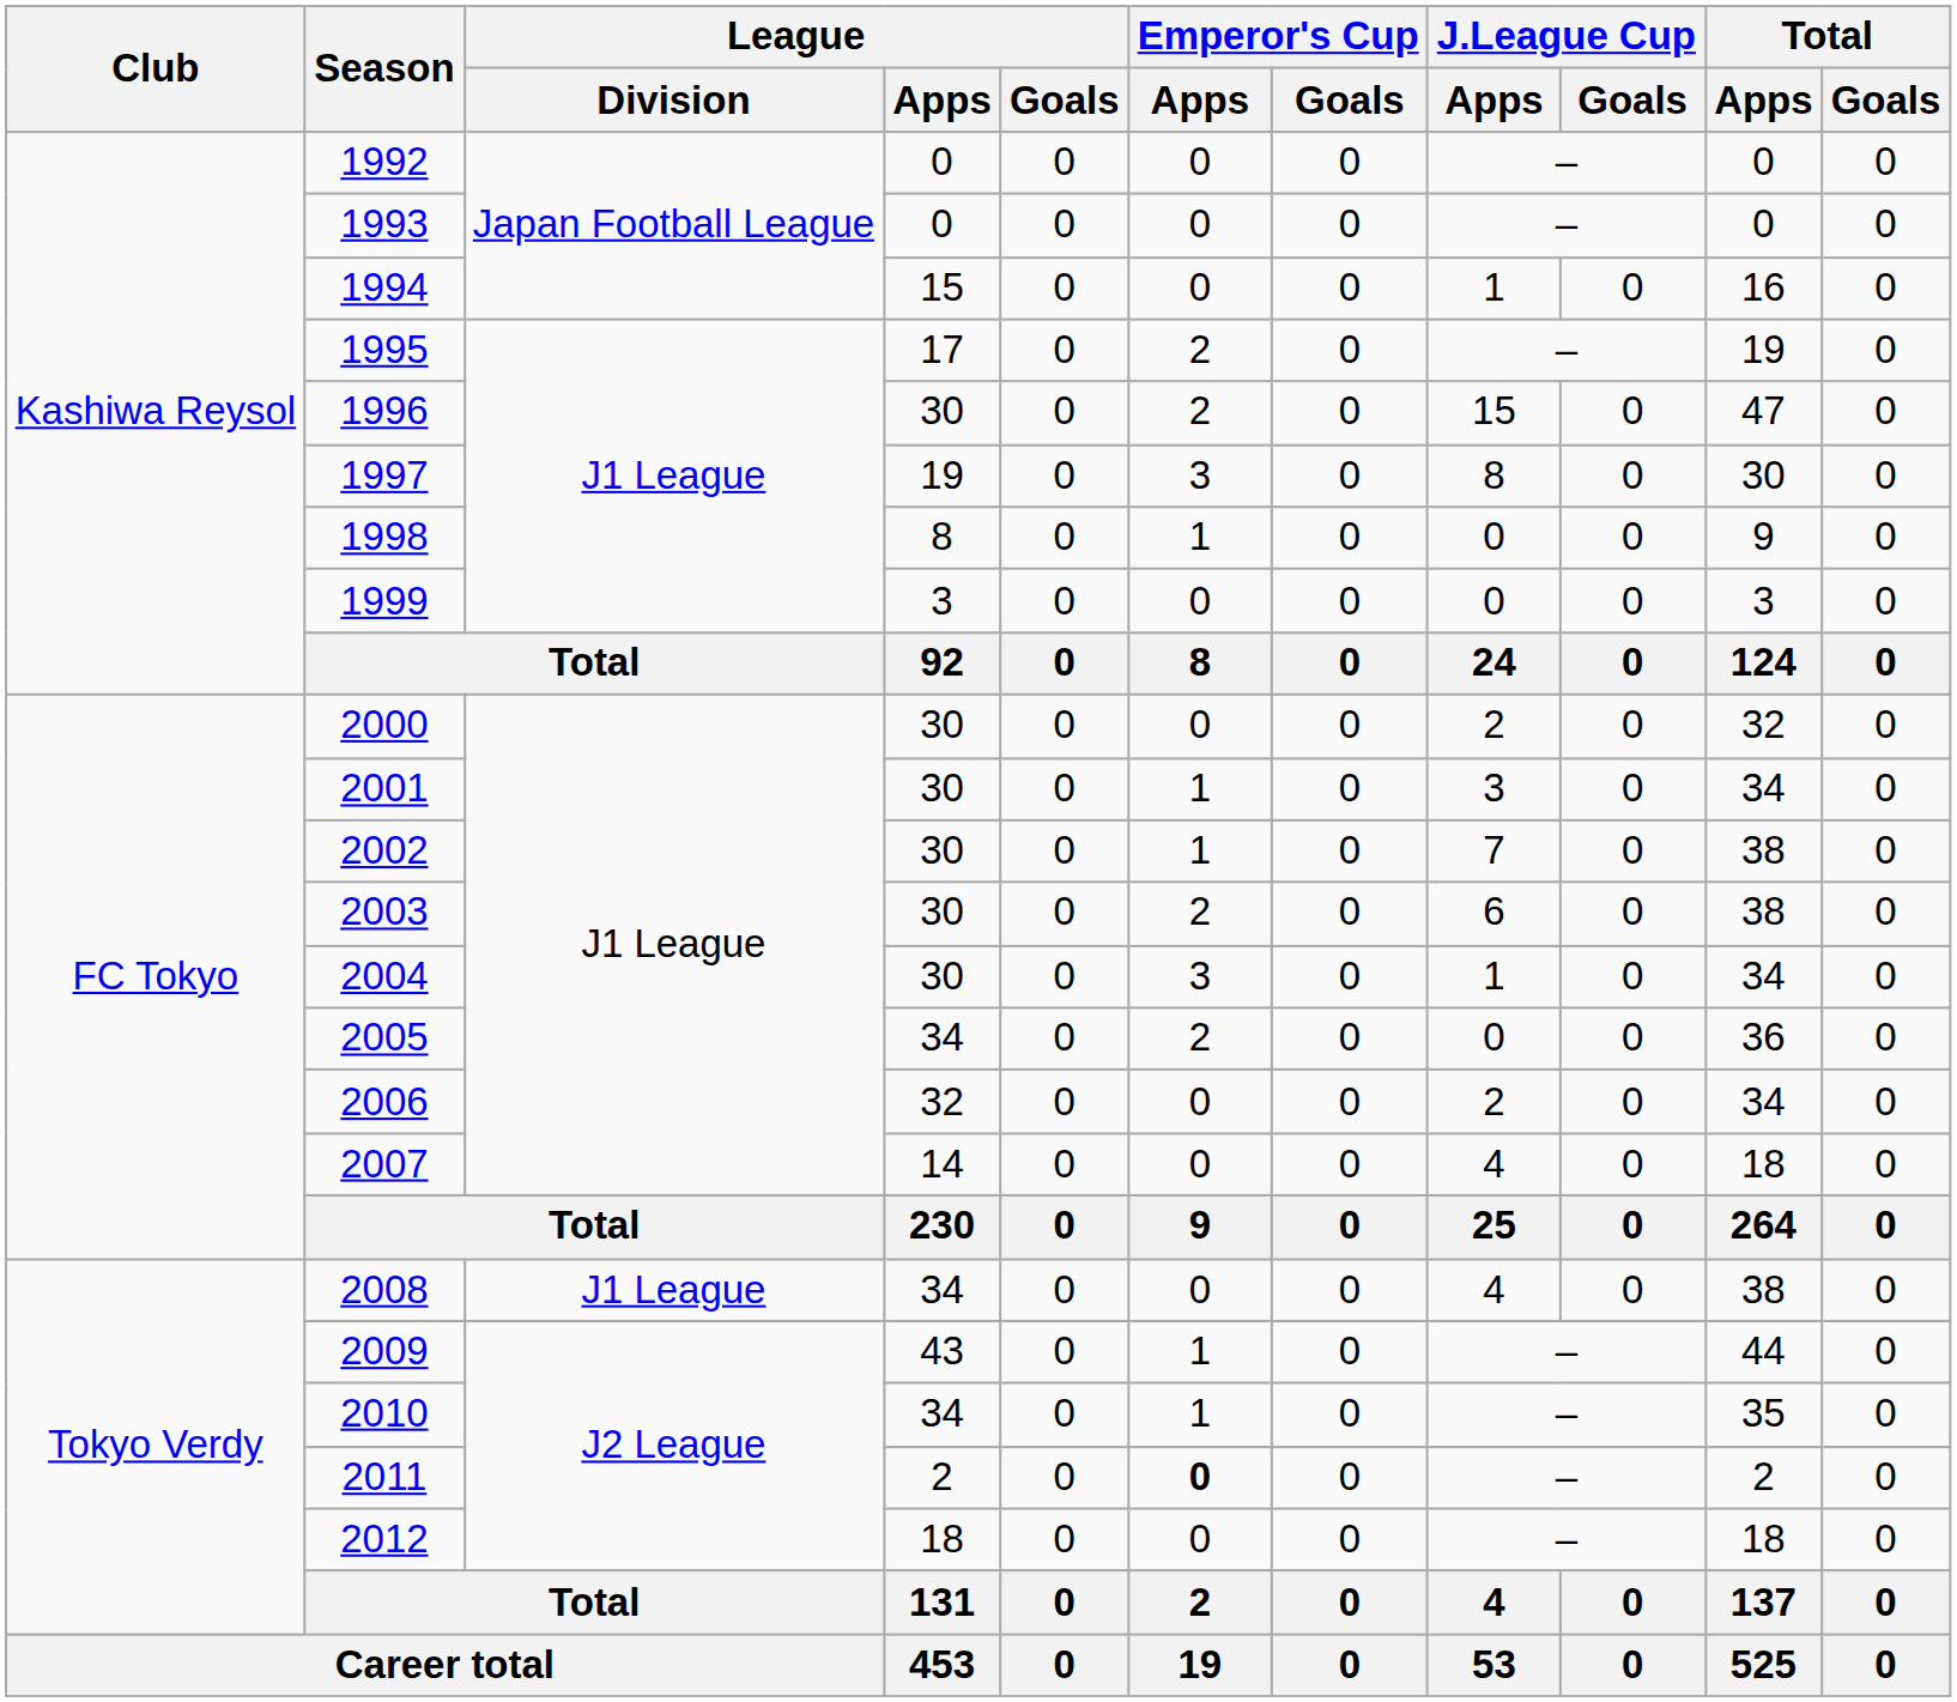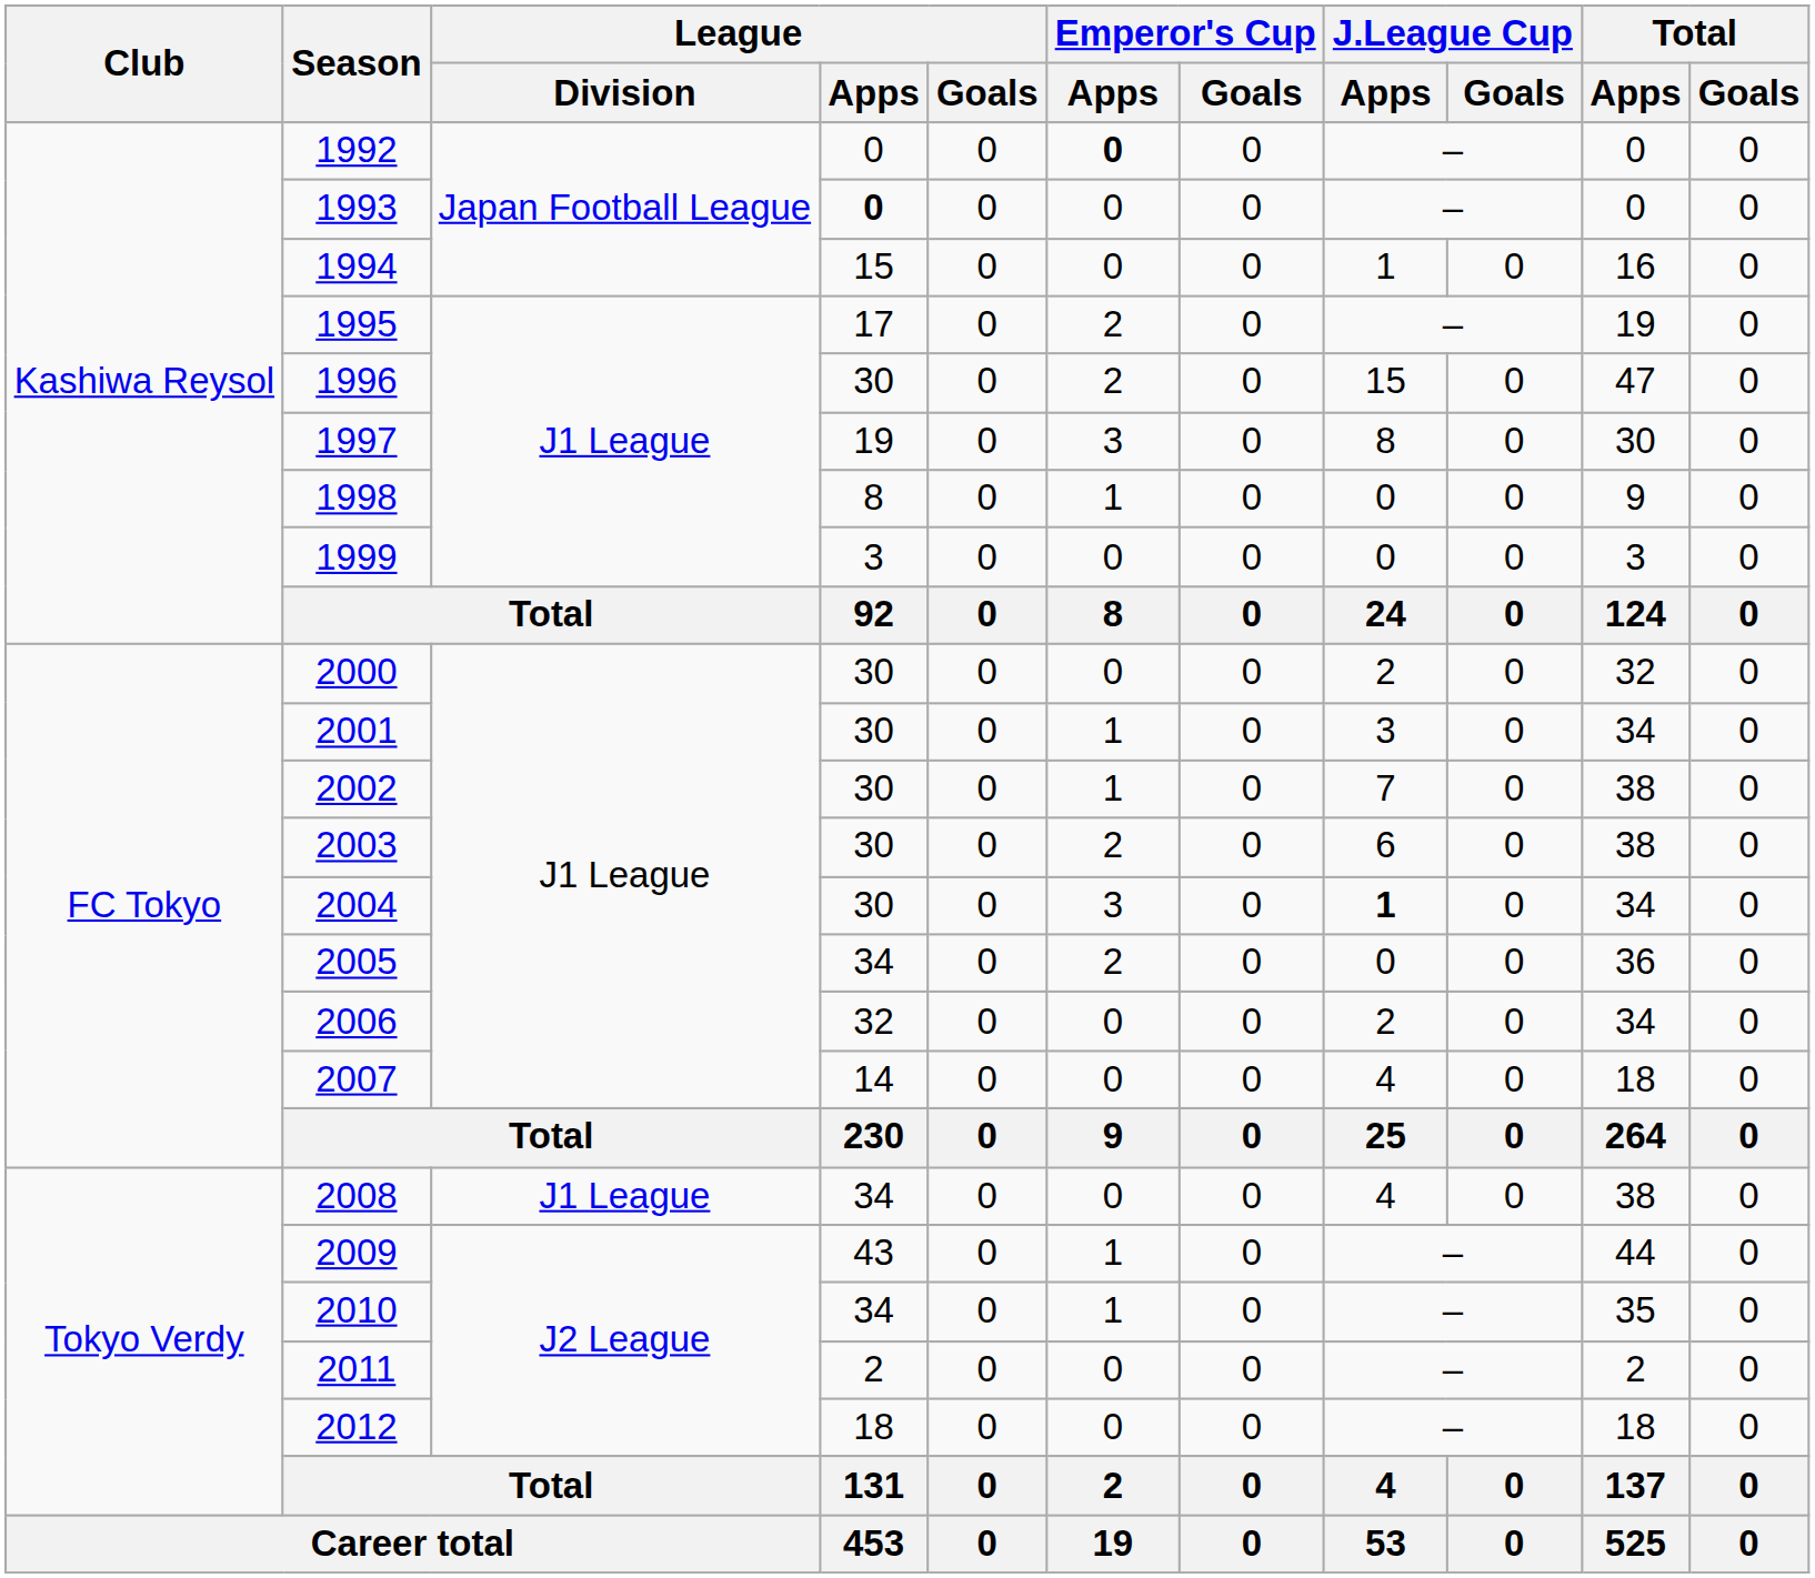 <table class="wikitable" style="text-align:center">
 <tr>
 <th rowspan="2">Club</th>
 <th rowspan="2">Season</th>
 <th colspan="3">League</th>
 <th colspan="2"><a href='#'>Emperor's Cup</a></th>
 <th colspan="2"><a href='#'>J.League Cup</a></th>
 <th colspan="2">Total</th>
 </tr>
 <tr>
 <th>Division</th>
 <th>Apps</th>
 <th>Goals</th>
 <th>Apps</th>
 <th>Goals</th>
 <th>Apps</th>
 <th>Goals</th>
 <th>Apps</th>
 <th>Goals</th>
 </tr>
 <tr>
 <td rowspan="9"><a href='#'>Kashiwa Reysol</a></td>
 <td><a href='#'>1992</a></td>
 <td rowspan="3"><a href='#'>Japan Football League</a></td>
 <td>0</td>
 <td>0</td>
-<td>0</td>
+<td><strong>0</strong></td>
 <td>0</td>
 <td colspan="2">–</td>
 <td>0</td>
 <td>0</td>
 </tr>
 <tr>
 <td><a href='#'>1993</a></td>
-<td>0</td>
+<td><strong>0</strong></td>
 <td>0</td>
 <td>0</td>
 <td>0</td>
 <td colspan="2">–</td>
 <td>0</td>
 <td>0</td>
 </tr>
 <tr>
 <td><a href='#'>1994</a></td>
 <td>15</td>
 <td>0</td>
 <td>0</td>
 <td>0</td>
 <td>1</td>
 <td>0</td>
 <td>16</td>
 <td>0</td>
 </tr>
 <tr>
 <td><a href='#'>1995</a></td>
 <td rowspan="5"><a href='#'>J1 League</a></td>
 <td>17</td>
 <td>0</td>
 <td>2</td>
 <td>0</td>
 <td colspan="2">–</td>
 <td>19</td>
 <td>0</td>
 </tr>
 <tr>
 <td><a href='#'>1996</a></td>
 <td>30</td>
 <td>0</td>
 <td>2</td>
 <td>0</td>
 <td>15</td>
 <td>0</td>
 <td>47</td>
 <td>0</td>
 </tr>
 <tr>
 <td><a href='#'>1997</a></td>
 <td>19</td>
 <td>0</td>
 <td>3</td>
 <td>0</td>
 <td>8</td>
 <td>0</td>
 <td>30</td>
 <td>0</td>
 </tr>
 <tr>
 <td><a href='#'>1998</a></td>
 <td>8</td>
 <td>0</td>
 <td>1</td>
 <td>0</td>
 <td>0</td>
 <td>0</td>
 <td>9</td>
 <td>0</td>
 </tr>
 <tr>
 <td><a href='#'>1999</a></td>
 <td>3</td>
 <td>0</td>
 <td>0</td>
 <td>0</td>
 <td>0</td>
 <td>0</td>
 <td>3</td>
 <td>0</td>
 </tr>
 <tr>
 <th colspan="2">Total</th>
 <th>92</th>
 <th>0</th>
 <th>8</th>
 <th>0</th>
 <th>24</th>
 <th>0</th>
 <th>124</th>
 <th>0</th>
 </tr>
 <tr>
 <td rowspan="9"><a href='#'>FC Tokyo</a></td>
 <td><a href='#'>2000</a></td>
 <td rowspan="8">J1 League</td>
 <td>30</td>
 <td>0</td>
 <td>0</td>
 <td>0</td>
 <td>2</td>
 <td>0</td>
 <td>32</td>
 <td>0</td>
 </tr>
 <tr>
 <td><a href='#'>2001</a></td>
 <td>30</td>
 <td>0</td>
 <td>1</td>
 <td>0</td>
 <td>3</td>
 <td>0</td>
 <td>34</td>
 <td>0</td>
 </tr>
 <tr>
 <td><a href='#'>2002</a></td>
 <td>30</td>
 <td>0</td>
 <td>1</td>
 <td>0</td>
 <td>7</td>
 <td>0</td>
 <td>38</td>
 <td>0</td>
 </tr>
 <tr>
 <td><a href='#'>2003</a></td>
 <td>30</td>
 <td>0</td>
 <td>2</td>
 <td>0</td>
 <td>6</td>
 <td>0</td>
 <td>38</td>
 <td>0</td>
 </tr>
 <tr>
 <td><a href='#'>2004</a></td>
 <td>30</td>
 <td>0</td>
 <td>3</td>
 <td>0</td>
-<td>1</td>
+<td><strong>1</strong></td>
 <td>0</td>
 <td>34</td>
 <td>0</td>
 </tr>
 <tr>
 <td><a href='#'>2005</a></td>
 <td>34</td>
 <td>0</td>
 <td>2</td>
 <td>0</td>
 <td>0</td>
 <td>0</td>
 <td>36</td>
 <td>0</td>
 </tr>
 <tr>
 <td><a href='#'>2006</a></td>
 <td>32</td>
 <td>0</td>
 <td>0</td>
 <td>0</td>
 <td>2</td>
 <td>0</td>
 <td>34</td>
 <td>0</td>
 </tr>
 <tr>
 <td><a href='#'>2007</a></td>
 <td>14</td>
 <td>0</td>
 <td>0</td>
 <td>0</td>
 <td>4</td>
 <td>0</td>
 <td>18</td>
 <td>0</td>
 </tr>
 <tr>
 <th colspan="2">Total</th>
 <th>230</th>
 <th>0</th>
 <th>9</th>
 <th>0</th>
 <th>25</th>
 <th>0</th>
 <th>264</th>
 <th>0</th>
 </tr>
 <tr>
 <td rowspan="6"><a href='#'>Tokyo Verdy</a></td>
 <td><a href='#'>2008</a></td>
 <td><a href='#'>J1 League</a></td>
 <td>34</td>
 <td>0</td>
 <td>0</td>
 <td>0</td>
 <td>4</td>
 <td>0</td>
 <td>38</td>
 <td>0</td>
 </tr>
 <tr>
 <td><a href='#'>2009</a></td>
 <td rowspan="4"><a href='#'>J2 League</a></td>
 <td>43</td>
 <td>0</td>
 <td>1</td>
 <td>0</td>
 <td colspan="2">–</td>
 <td>44</td>
 <td>0</td>
 </tr>
 <tr>
 <td><a href='#'>2010</a></td>
 <td>34</td>
 <td>0</td>
 <td>1</td>
 <td>0</td>
 <td colspan="2">–</td>
 <td>35</td>
 <td>0</td>
 </tr>
 <tr>
 <td><a href='#'>2011</a></td>
 <td>2</td>
 <td>0</td>
-<td><strong>0</strong></td>
+<td>0</td>
 <td>0</td>
 <td colspan="2">–</td>
 <td>2</td>
 <td>0</td>
 </tr>
 <tr>
 <td><a href='#'>2012</a></td>
 <td>18</td>
 <td>0</td>
 <td>0</td>
 <td>0</td>
 <td colspan="2">–</td>
 <td>18</td>
 <td>0</td>
 </tr>
 <tr>
 <th colspan="2">Total</th>
 <th>131</th>
 <th>0</th>
 <th>2</th>
 <th>0</th>
 <th>4</th>
 <th>0</th>
 <th>137</th>
 <th>0</th>
 </tr>
 <tr>
 <th colspan="3">Career total</th>
 <th>453</th>
 <th>0</th>
 <th>19</th>
 <th>0</th>
 <th>53</th>
 <th>0</th>
 <th>525</th>
 <th>0</th>
 </tr>
 </table>
